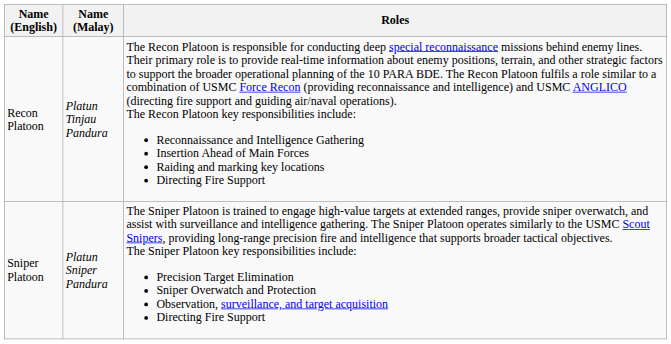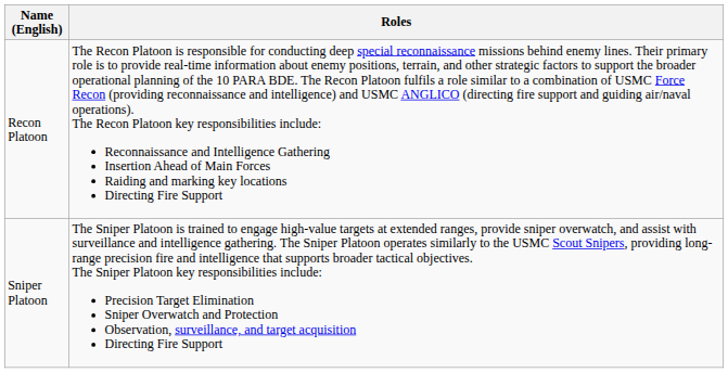 <table class="wikitable" style="margin-left: auto; margin-right: auto; border: none;">
 <tr>
 <th>Name (English)</th>
-<th>Name (Malay)</th>
 <th>Roles</th>
 </tr>
 <tr>
 <td>Recon Platoon</td>
-<td><em>Platun Tinjau Pandura</em></td>
 <td>The Recon Platoon is responsible for conducting deep <a href='#'>special reconnaissance</a> missions behind enemy lines. Their primary role is to provide real-time information about enemy positions, terrain, and other strategic factors to support the broader operational planning of the 10 PARA BDE. The Recon Platoon fulfils a role similar to a combination of USMC <a href='#'>Force Recon</a> (providing reconnaissance and intelligence) and USMC <a href='#'>ANGLICO</a> (directing fire support and guiding air/naval operations).<br>The Recon Platoon key responsibilities include:<ul><li>Reconnaissance and Intelligence Gathering</li><li>Insertion Ahead of Main Forces</li><li>Raiding and marking key locations</li><li>Directing Fire Support</li></ul></td>
 </tr>
 <tr>
 <td>Sniper Platoon</td>
-<td><em>Platun Sniper Pandura</em></td>
 <td>The Sniper Platoon is trained to engage high-value targets at extended ranges, provide sniper overwatch, and assist with surveillance and intelligence gathering. The Sniper Platoon operates similarly to the USMC <a href='#'>Scout Snipers</a>, providing long-range precision fire and intelligence that supports broader tactical objectives.<br>The Sniper Platoon key responsibilities include:<ul><li>Precision Target Elimination</li><li>Sniper Overwatch and Protection</li><li>Observation, <a href='#'>surveillance, and target acquisition</a></li><li>Directing Fire Support</li></ul></td>
 </tr>
 </table>
